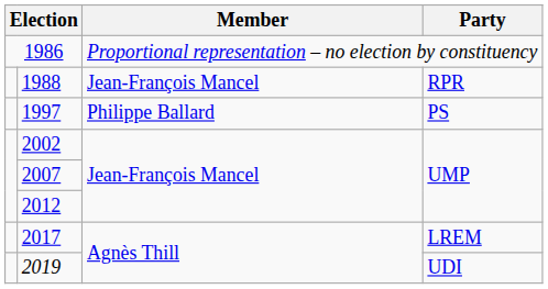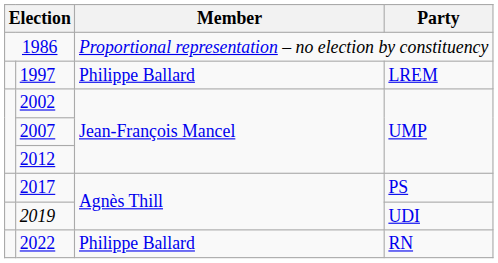 <table class="wikitable">
 <tr>
 <th colspan="2">Election</th>
 <th>Member</th>
 <th>Party</th>
 </tr>
 <tr>
 <td colspan="2" align="center"><a href='#'>1986</a></td>
 <td colspan="2"><em><a href='#'>Proportional representation</a> – no election by constituency</em></td>
 </tr>
 <tr>
 <td style="color:inherit;background-color: "></td>
-<td><a href='#'>1988</a></td>
-<td><a href='#'>Jean-François Mancel</a></td>
-<td><a href='#'>RPR</a></td>
-</tr>
-<tr>
-<td style="color:inherit;background-color: "></td>
 <td><a href='#'>1997</a></td>
 <td><a href='#'>Philippe Ballard</a></td>
-<td><a href='#'>PS</a></td>
+<td><a href='#'>LREM</a></td>
 </tr>
 <tr>
 <td rowspan="3" style="background-color: "></td>
 <td><a href='#'>2002</a></td>
 <td rowspan="3"><a href='#'>Jean-François Mancel</a></td>
 <td rowspan="3"><a href='#'>UMP</a></td>
 </tr>
 <tr>
 <td><a href='#'>2007</a></td>
 </tr>
 <tr>
 <td><a href='#'>2012</a></td>
 </tr>
 <tr>
 <td style="color:inherit;background-color: "></td>
 <td><a href='#'>2017</a></td>
 <td rowspan=2><a href='#'>Agnès Thill</a></td>
-<td><a href='#'>LREM</a></td>
+<td><a href='#'>PS</a></td>
 </tr>
 <tr>
 <td style="color:inherit;background-color: "></td>
 <td><em>2019</em></td>
 <td><a href='#'>UDI</a></td>
 </tr>
+<tr>
+<td style="color:inherit;background-color: "></td>
+<td><a href='#'>2022</a></td>
+<td><a href='#'>Philippe Ballard</a></td>
+<td><a href='#'>RN</a></td>
+</tr>
 </table>
